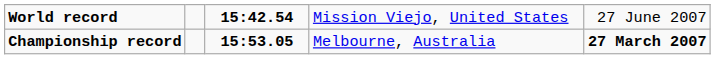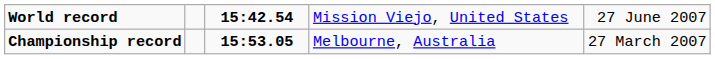 <table class="wikitable">
 <tr>
 <td><strong>World record</strong></td>
 <td style="padding-right:1em"></td>
 <td style="text-align:center;padding-left:1em; padding-right:1em;"><strong>15:42.54</strong></td>
 <td style="padding-right:1em"><a href='#'>Mission Viejo</a>, <a href='#'>United States</a></td>
 <td align=right>27 June 2007</td>
 </tr>
 <tr>
 <td><strong>Championship record</strong></td>
 <td style="padding-right:1em"></td>
 <td style="text-align:center;padding-left:1em; padding-right:1em;"><strong>15:53.05</strong></td>
 <td style="padding-right:1em"><a href='#'>Melbourne</a>, <a href='#'>Australia</a></td>
-<td align=right><strong>27 March 2007</strong></td>
+<td align=right>27 March 2007</td>
 </tr>
 </table>
